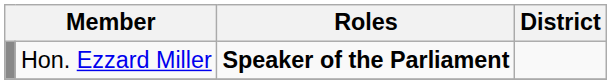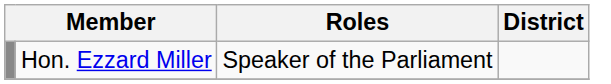 <table class="wikitable">
 <tr>
 <th colspan=2>Member</th>
 <th>Roles</th>
 <th>District</th>
 </tr>
 <tr>
 <td bgcolor=#888888></td>
 <td>Hon. <a href='#'>Ezzard Miller</a></td>
-<td><strong>Speaker of the Parliament</strong></td>
+<td>Speaker of the Parliament</td>
 <td></td>
 </tr>
 <tr>
 </tr>
 </table>
